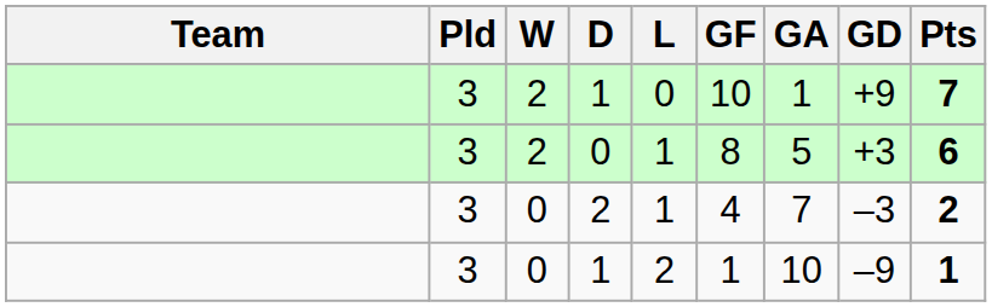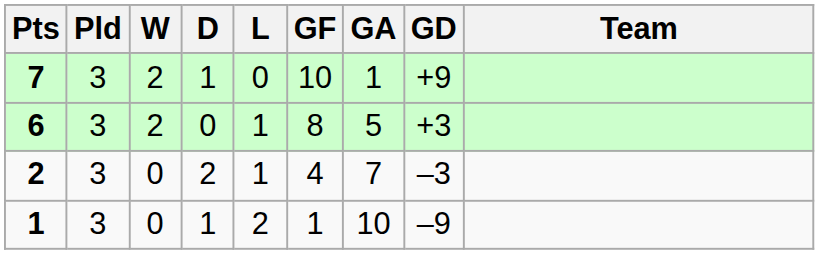 <table class="wikitable" style="text-align: center;">
 <tr>
-<th width="175">Team</th>
+<th width="20">Pts</th>
 <th width="20">Pld</th>
 <th width="20">W</th>
 <th width="20">D</th>
 <th width="20">L</th>
 <th width="20">GF</th>
 <th width="20">GA</th>
 <th width="20">GD</th>
-<th width="20">Pts</th>
+<th width="175">Team</th>
 </tr>
 <tr bgcolor=CCFFCC>
-<td align=left></td>
+<td><strong>7</strong></td>
 <td>3</td>
 <td>2</td>
 <td>1</td>
 <td>0</td>
 <td>10</td>
 <td>1</td>
 <td>+9</td>
-<td><strong>7</strong></td>
+<td align=left></td>
 </tr>
 <tr bgcolor=CCFFCC>
-<td align=left></td>
+<td><strong>6</strong></td>
 <td>3</td>
 <td>2</td>
 <td>0</td>
 <td>1</td>
 <td>8</td>
 <td>5</td>
 <td>+3</td>
-<td><strong>6</strong></td>
+<td align=left></td>
 </tr>
 <tr>
-<td align=left></td>
+<td><strong>2</strong></td>
 <td>3</td>
 <td>0</td>
 <td>2</td>
 <td>1</td>
 <td>4</td>
 <td>7</td>
 <td>–3</td>
-<td><strong>2</strong></td>
+<td align=left></td>
 </tr>
 <tr>
-<td align=left></td>
+<td><strong>1</strong></td>
 <td>3</td>
 <td>0</td>
 <td>1</td>
 <td>2</td>
 <td>1</td>
 <td>10</td>
 <td>–9</td>
-<td><strong>1</strong></td>
+<td align=left></td>
 </tr>
 </table>
